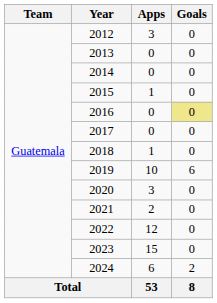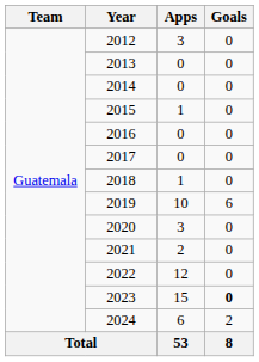 <table class="wikitable" style="text-align: center;">
 <tr>
 <th width="80">Team</th>
 <th width="70">Year</th>
 <th width="45">Apps</th>
 <th width="45">Goals</th>
 </tr>
 <tr>
 <td rowspan=13><a href='#'>Guatemala</a></td>
 <td>2012</td>
 <td>3</td>
 <td>0</td>
 </tr>
 <tr>
 <td>2013</td>
 <td>0</td>
 <td>0</td>
 </tr>
 <tr>
 <td>2014</td>
 <td>0</td>
 <td>0</td>
 </tr>
 <tr>
 <td>2015</td>
 <td>1</td>
 <td>0</td>
 </tr>
 <tr>
 <td>2016</td>
 <td>0</td>
-<td style="background: khaki;">0</td>
+<td>0</td>
 </tr>
 <tr>
 <td>2017</td>
 <td>0</td>
 <td>0</td>
 </tr>
 <tr>
 <td>2018</td>
 <td>1</td>
 <td>0</td>
 </tr>
 <tr>
 <td>2019</td>
 <td>10</td>
 <td>6</td>
 </tr>
 <tr>
 <td>2020</td>
 <td>3</td>
 <td>0</td>
 </tr>
 <tr>
 <td>2021</td>
 <td>2</td>
 <td>0</td>
 </tr>
 <tr>
 <td>2022</td>
 <td>12</td>
 <td>0</td>
 </tr>
 <tr>
 <td>2023</td>
 <td>15</td>
-<td>0</td>
+<td><strong>0</strong></td>
 </tr>
 <tr>
 <td>2024</td>
 <td>6</td>
 <td>2</td>
 </tr>
 <tr>
 <th colspan=2>Total</th>
 <th>53</th>
 <th>8</th>
 </tr>
 </table>
